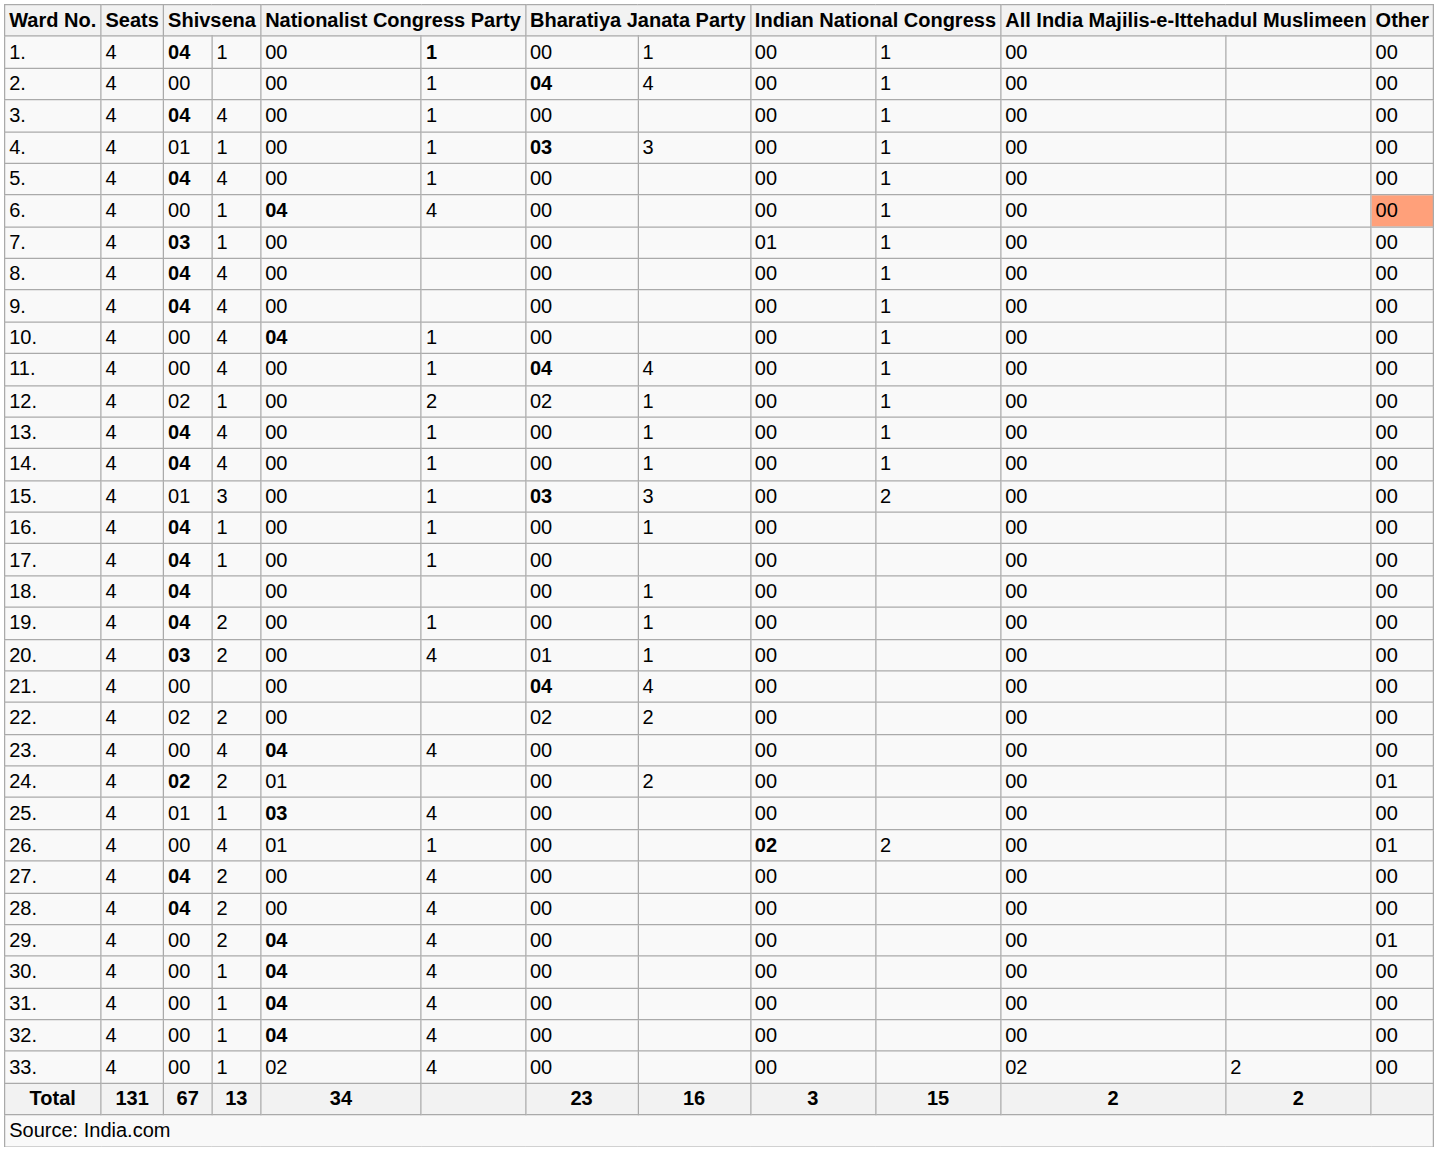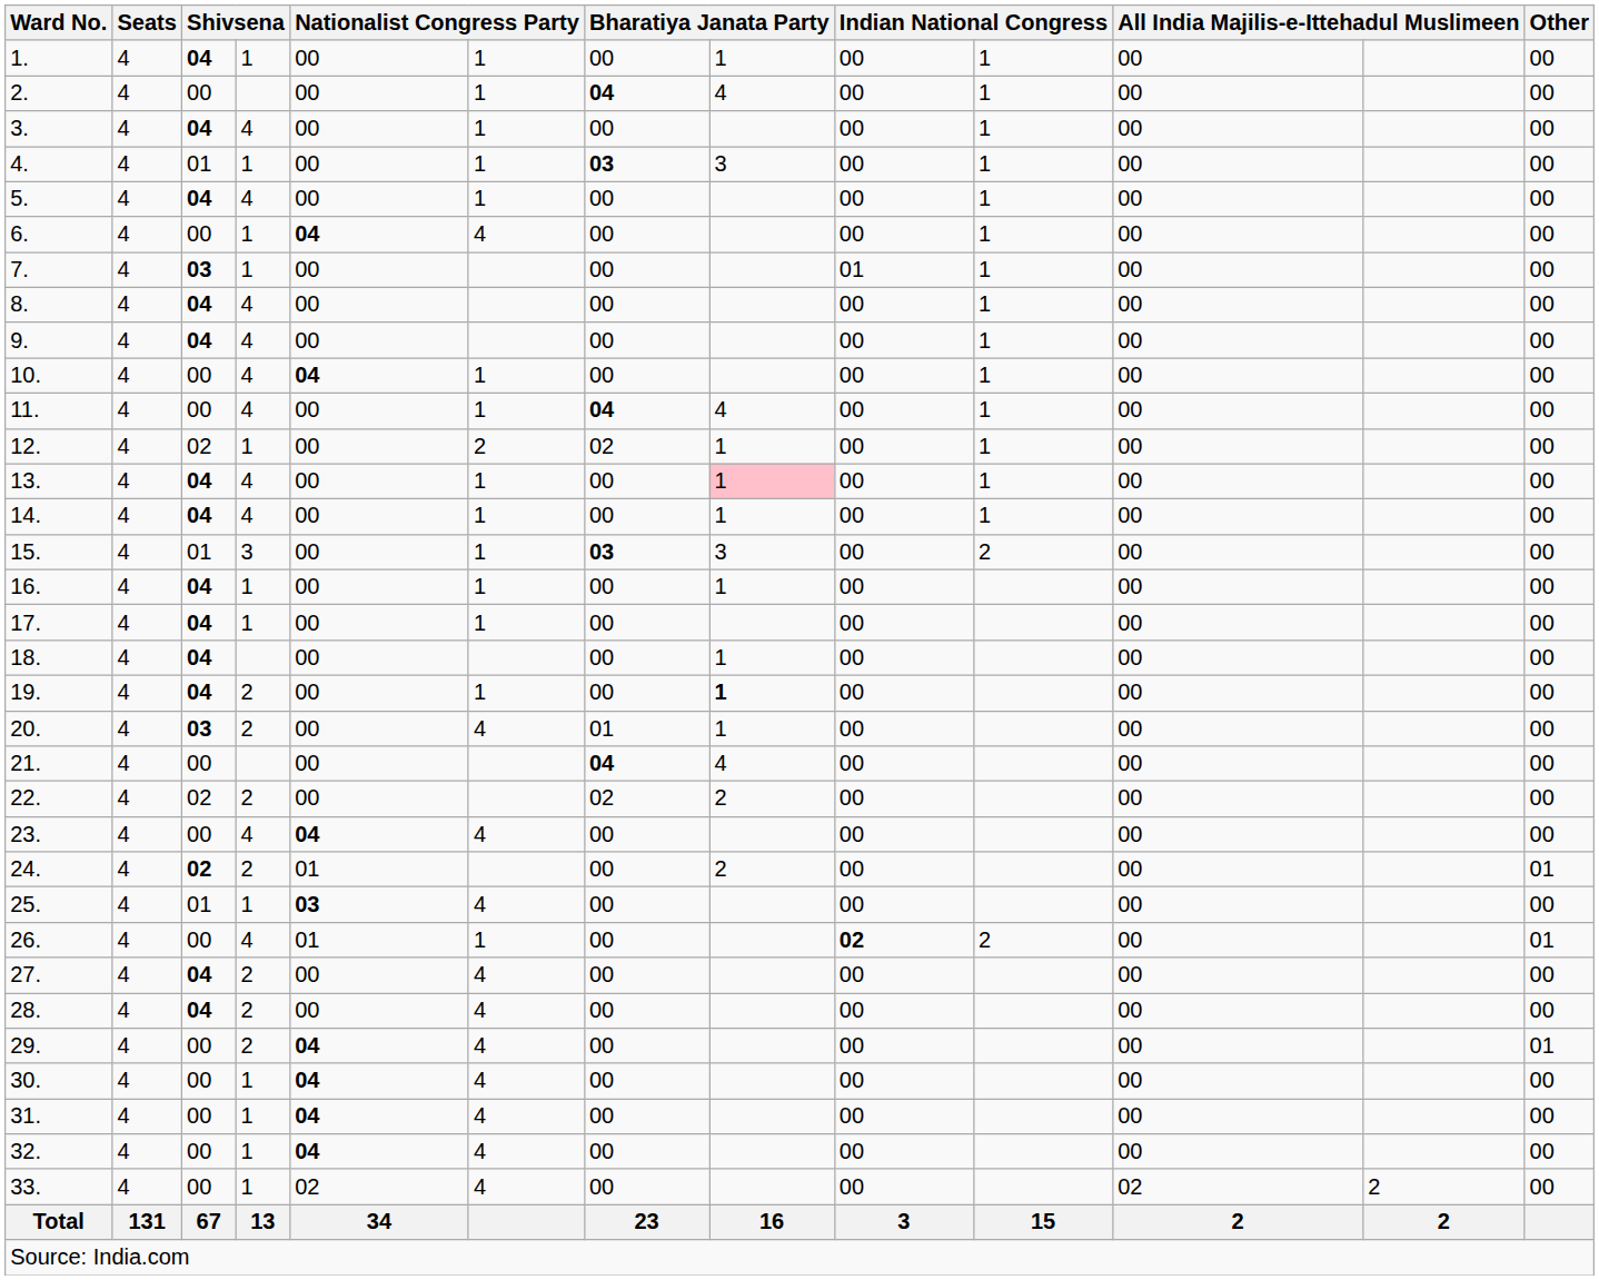 <table class="wikitable">
 <tr>
 <th>Ward No.</th>
 <th>Seats</th>
 <th colspan="2">Shivsena</th>
 <th colspan="2">Nationalist Congress Party</th>
 <th colspan="2">Bharatiya Janata Party</th>
 <th colspan="2">Indian National Congress</th>
 <th colspan="2">All India Majilis-e-Ittehadul Muslimeen</th>
 <th>Other</th>
 </tr>
 <tr>
 <td>1.</td>
 <td>4</td>
 <td><strong>04</strong></td>
 <td> 1</td>
 <td>00</td>
-<td><strong> 1</strong></td>
+<td> 1</td>
 <td>00</td>
 <td> 1</td>
 <td>00</td>
 <td> 1</td>
 <td>00</td>
 <td></td>
 <td>00</td>
 </tr>
 <tr>
 <td>2.</td>
 <td>4</td>
 <td>00</td>
 <td></td>
 <td>00</td>
 <td> 1</td>
 <td><strong>04</strong></td>
 <td> 4</td>
 <td>00</td>
 <td> 1</td>
 <td>00</td>
 <td></td>
 <td>00</td>
 </tr>
 <tr>
 <td>3.</td>
 <td>4</td>
 <td><strong>04</strong></td>
 <td> 4</td>
 <td>00</td>
 <td> 1</td>
 <td>00</td>
 <td></td>
 <td>00</td>
 <td> 1</td>
 <td>00</td>
 <td></td>
 <td>00</td>
 </tr>
 <tr>
 <td>4.</td>
 <td>4</td>
 <td>01</td>
 <td> 1</td>
 <td>00</td>
 <td> 1</td>
 <td><strong>03</strong></td>
 <td> 3</td>
 <td>00</td>
 <td> 1</td>
 <td>00</td>
 <td></td>
 <td>00</td>
 </tr>
 <tr>
 <td>5.</td>
 <td>4</td>
 <td><strong>04</strong></td>
 <td> 4</td>
 <td>00</td>
 <td> 1</td>
 <td>00</td>
 <td></td>
 <td>00</td>
 <td> 1</td>
 <td>00</td>
 <td></td>
 <td>00</td>
 </tr>
 <tr>
 <td>6.</td>
 <td>4</td>
 <td>00</td>
 <td> 1</td>
 <td><strong>04</strong></td>
 <td> 4</td>
 <td>00</td>
 <td></td>
 <td>00</td>
 <td> 1</td>
 <td>00</td>
 <td></td>
-<td style="background: lightsalmon;">00</td>
+<td>00</td>
 </tr>
 <tr>
 <td>7.</td>
 <td>4</td>
 <td><strong>03</strong></td>
 <td> 1</td>
 <td>00</td>
 <td></td>
 <td>00</td>
 <td></td>
 <td>01</td>
 <td> 1</td>
 <td>00</td>
 <td></td>
 <td>00</td>
 </tr>
 <tr>
 <td>8.</td>
 <td>4</td>
 <td><strong>04</strong></td>
 <td> 4</td>
 <td>00</td>
 <td></td>
 <td>00</td>
 <td></td>
 <td>00</td>
 <td> 1</td>
 <td>00</td>
 <td></td>
 <td>00</td>
 </tr>
 <tr>
 <td>9.</td>
 <td>4</td>
 <td><strong>04</strong></td>
 <td> 4</td>
 <td>00</td>
 <td></td>
 <td>00</td>
 <td></td>
 <td>00</td>
 <td> 1</td>
 <td>00</td>
 <td></td>
 <td>00</td>
 </tr>
 <tr>
 <td>10.</td>
 <td>4</td>
 <td>00</td>
 <td> 4</td>
 <td><strong>04</strong></td>
 <td> 1</td>
 <td>00</td>
 <td></td>
 <td>00</td>
 <td> 1</td>
 <td>00</td>
 <td></td>
 <td>00</td>
 </tr>
 <tr>
 <td>11.</td>
 <td>4</td>
 <td>00</td>
 <td> 4</td>
 <td>00</td>
 <td> 1</td>
 <td><strong>04</strong></td>
 <td> 4</td>
 <td>00</td>
 <td> 1</td>
 <td>00</td>
 <td></td>
 <td>00</td>
 </tr>
 <tr>
 <td>12.</td>
 <td>4</td>
 <td>02</td>
 <td> 1</td>
 <td>00</td>
 <td> 2</td>
 <td>02</td>
 <td> 1</td>
 <td>00</td>
 <td> 1</td>
 <td>00</td>
 <td></td>
 <td>00</td>
 </tr>
 <tr>
 <td>13.</td>
 <td>4</td>
 <td><strong>04</strong></td>
 <td> 4</td>
 <td>00</td>
 <td> 1</td>
 <td>00</td>
-<td> 1</td>
+<td style="background: pink;"> 1</td>
 <td>00</td>
 <td> 1</td>
 <td>00</td>
 <td></td>
 <td>00</td>
 </tr>
 <tr>
 <td>14.</td>
 <td>4</td>
 <td><strong>04</strong></td>
 <td> 4</td>
 <td>00</td>
 <td> 1</td>
 <td>00</td>
 <td> 1</td>
 <td>00</td>
 <td> 1</td>
 <td>00</td>
 <td></td>
 <td>00</td>
 </tr>
 <tr>
 <td>15.</td>
 <td>4</td>
 <td>01</td>
 <td> 3</td>
 <td>00</td>
 <td> 1</td>
 <td><strong>03</strong></td>
 <td> 3</td>
 <td>00</td>
 <td> 2</td>
 <td>00</td>
 <td></td>
 <td>00</td>
 </tr>
 <tr>
 <td>16.</td>
 <td>4</td>
 <td><strong>04</strong></td>
 <td> 1</td>
 <td>00</td>
 <td> 1</td>
 <td>00</td>
 <td> 1</td>
 <td>00</td>
 <td></td>
 <td>00</td>
 <td></td>
 <td>00</td>
 </tr>
 <tr>
 <td>17.</td>
 <td>4</td>
 <td><strong>04</strong></td>
 <td> 1</td>
 <td>00</td>
 <td> 1</td>
 <td>00</td>
 <td></td>
 <td>00</td>
 <td></td>
 <td>00</td>
 <td></td>
 <td>00</td>
 </tr>
 <tr>
 <td>18.</td>
 <td>4</td>
 <td><strong>04</strong></td>
 <td></td>
 <td>00</td>
 <td></td>
 <td>00</td>
 <td> 1</td>
 <td>00</td>
 <td></td>
 <td>00</td>
 <td></td>
 <td>00</td>
 </tr>
 <tr>
 <td>19.</td>
 <td>4</td>
 <td><strong>04</strong></td>
 <td> 2</td>
 <td>00</td>
 <td> 1</td>
 <td>00</td>
-<td> 1</td>
+<td><strong> 1</strong></td>
 <td>00</td>
 <td></td>
 <td>00</td>
 <td></td>
 <td>00</td>
 </tr>
 <tr>
 <td>20.</td>
 <td>4</td>
 <td><strong>03</strong></td>
 <td> 2</td>
 <td>00</td>
 <td> 4</td>
 <td>01</td>
 <td> 1</td>
 <td>00</td>
 <td></td>
 <td>00</td>
 <td></td>
 <td>00</td>
 </tr>
 <tr>
 <td>21.</td>
 <td>4</td>
 <td>00</td>
 <td></td>
 <td>00</td>
 <td></td>
 <td><strong>04</strong></td>
 <td> 4</td>
 <td>00</td>
 <td></td>
 <td>00</td>
 <td></td>
 <td>00</td>
 </tr>
 <tr>
 <td>22.</td>
 <td>4</td>
 <td>02</td>
 <td> 2</td>
 <td>00</td>
 <td></td>
 <td>02</td>
 <td> 2</td>
 <td>00</td>
 <td></td>
 <td>00</td>
 <td></td>
 <td>00</td>
 </tr>
 <tr>
 <td>23.</td>
 <td>4</td>
 <td>00</td>
 <td> 4</td>
 <td><strong>04</strong></td>
 <td> 4</td>
 <td>00</td>
 <td></td>
 <td>00</td>
 <td></td>
 <td>00</td>
 <td></td>
 <td>00</td>
 </tr>
 <tr>
 <td>24.</td>
 <td>4</td>
 <td><strong>02</strong></td>
 <td> 2</td>
 <td>01</td>
 <td></td>
 <td>00</td>
 <td> 2</td>
 <td>00</td>
 <td></td>
 <td>00</td>
 <td></td>
 <td>01</td>
 </tr>
 <tr>
 <td>25.</td>
 <td>4</td>
 <td>01</td>
 <td> 1</td>
 <td><strong>03</strong></td>
 <td> 4</td>
 <td>00</td>
 <td></td>
 <td>00</td>
 <td></td>
 <td>00</td>
 <td></td>
 <td>00</td>
 </tr>
 <tr>
 <td>26.</td>
 <td>4</td>
 <td>00</td>
 <td> 4</td>
 <td>01</td>
 <td> 1</td>
 <td>00</td>
 <td></td>
 <td><strong>02</strong></td>
 <td> 2</td>
 <td>00</td>
 <td></td>
 <td>01</td>
 </tr>
 <tr>
 <td>27.</td>
 <td>4</td>
 <td><strong>04</strong></td>
 <td> 2</td>
 <td>00</td>
 <td> 4</td>
 <td>00</td>
 <td></td>
 <td>00</td>
 <td></td>
 <td>00</td>
 <td></td>
 <td>00</td>
 </tr>
 <tr>
 <td>28.</td>
 <td>4</td>
 <td><strong>04</strong></td>
 <td> 2</td>
 <td>00</td>
 <td> 4</td>
 <td>00</td>
 <td></td>
 <td>00</td>
 <td></td>
 <td>00</td>
 <td></td>
 <td>00</td>
 </tr>
 <tr>
 <td>29.</td>
 <td>4</td>
 <td>00</td>
 <td> 2</td>
 <td><strong>04</strong></td>
 <td> 4</td>
 <td>00</td>
 <td></td>
 <td>00</td>
 <td></td>
 <td>00</td>
 <td></td>
 <td>01</td>
 </tr>
 <tr>
 <td>30.</td>
 <td>4</td>
 <td>00</td>
 <td> 1</td>
 <td><strong>04</strong></td>
 <td> 4</td>
 <td>00</td>
 <td></td>
 <td>00</td>
 <td></td>
 <td>00</td>
 <td></td>
 <td>00</td>
 </tr>
 <tr>
 <td>31.</td>
 <td>4</td>
 <td>00</td>
 <td> 1</td>
 <td><strong>04</strong></td>
 <td> 4</td>
 <td>00</td>
 <td></td>
 <td>00</td>
 <td></td>
 <td>00</td>
 <td></td>
 <td>00</td>
 </tr>
 <tr>
 <td>32.</td>
 <td>4</td>
 <td>00</td>
 <td> 1</td>
 <td><strong>04</strong></td>
 <td> 4</td>
 <td>00</td>
 <td></td>
 <td>00</td>
 <td></td>
 <td>00</td>
 <td></td>
 <td>00</td>
 </tr>
 <tr>
 <td>33.</td>
 <td>4</td>
 <td>00</td>
 <td> 1</td>
 <td>02</td>
 <td> 4</td>
 <td>00</td>
 <td></td>
 <td>00</td>
 <td></td>
 <td>02</td>
 <td> 2</td>
 <td>00</td>
 </tr>
 <tr>
 <th>Total</th>
 <th>131</th>
 <th>67</th>
 <th> 13</th>
 <th>34</th>
 <th></th>
 <th>23</th>
 <th> 16</th>
 <th>3</th>
 <th> 15</th>
 <th>2</th>
 <th> 2</th>
 <th></th>
 </tr>
 <tr>
 <td align=left colspan=13>Source: India.com</td>
 </tr>
 </table>
